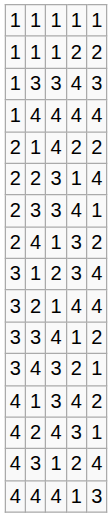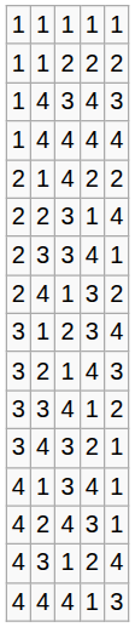 <table class="wikitable" style="margin:1em auto;">
 <tr>
 <td>1</td>
 <td>1</td>
 <td>1</td>
 <td>1</td>
 <td>1</td>
 </tr>
 <tr>
 <td>1</td>
 <td>1</td>
-<td>1</td>
+<td>2</td>
 <td>2</td>
 <td>2</td>
 </tr>
 <tr>
 <td>1</td>
-<td>3</td>
+<td>4</td>
 <td>3</td>
 <td>4</td>
 <td>3</td>
 </tr>
 <tr>
 <td>1</td>
 <td>4</td>
 <td>4</td>
 <td>4</td>
 <td>4</td>
 </tr>
 <tr>
 <td>2</td>
 <td>1</td>
 <td>4</td>
 <td>2</td>
 <td>2</td>
 </tr>
 <tr>
 <td>2</td>
 <td>2</td>
 <td>3</td>
 <td>1</td>
 <td>4</td>
 </tr>
 <tr>
 <td>2</td>
 <td>3</td>
 <td>3</td>
 <td>4</td>
 <td>1</td>
 </tr>
 <tr>
 <td>2</td>
 <td>4</td>
 <td>1</td>
 <td>3</td>
 <td>2</td>
 </tr>
 <tr>
 <td>3</td>
 <td>1</td>
 <td>2</td>
 <td>3</td>
 <td>4</td>
 </tr>
 <tr>
 <td>3</td>
 <td>2</td>
 <td>1</td>
 <td>4</td>
-<td>4</td>
+<td>3</td>
 </tr>
 <tr>
 <td>3</td>
 <td>3</td>
 <td>4</td>
 <td>1</td>
 <td>2</td>
 </tr>
 <tr>
 <td>3</td>
 <td>4</td>
 <td>3</td>
 <td>2</td>
 <td>1</td>
 </tr>
 <tr>
 <td>4</td>
 <td>1</td>
 <td>3</td>
 <td>4</td>
-<td>2</td>
+<td>1</td>
 </tr>
 <tr>
 <td>4</td>
 <td>2</td>
 <td>4</td>
 <td>3</td>
 <td>1</td>
 </tr>
 <tr>
 <td>4</td>
 <td>3</td>
 <td>1</td>
 <td>2</td>
 <td>4</td>
 </tr>
 <tr>
 <td>4</td>
 <td>4</td>
 <td>4</td>
 <td>1</td>
 <td>3</td>
 </tr>
 </table>
